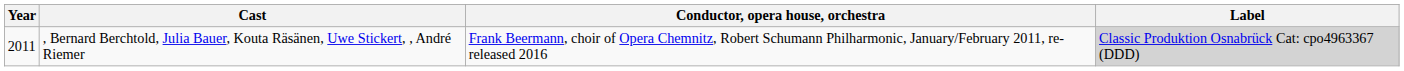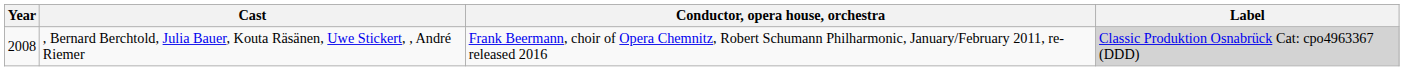 <table class="wikitable">
 <tr>
 <th>Year</th>
 <th>Cast</th>
 <th>Conductor, opera house, orchestra</th>
 <th>Label</th>
 </tr>
 <tr>
-<td>2011</td>
+<td>2008</td>
 <td>, Bernard Berchtold, <a href='#'>Julia Bauer</a>, Kouta Räsänen, <a href='#'>Uwe Stickert</a>, , André Riemer</td>
 <td style="vertical-align: top;"><a href='#'>Frank Beermann</a>, choir of <a href='#'>Opera Chemnitz</a>, Robert Schumann Philharmonic, January/February 2011, re-released 2016</td>
 <td style="background: lightgrey; vertical-align: top;"><a href='#'>Classic Produktion Osnabrück</a> Cat: cpo4963367 (DDD)</td>
 </tr>
 </table>
